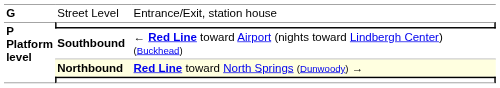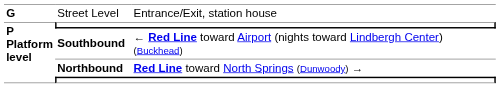 <table table border=0 cellspacing=0 cellpadding=3>
 <tr>
 <td style="border-top:solid 1px gray;" width=50 valign=top><strong>G</strong></td>
 <td style="border-top:solid 1px gray;" width=100 valign=top>Street Level</td>
 <td style="border-top:solid 1px gray;" width=500 valign=top>Entrance/Exit, station house</td>
 </tr>
 <tr>
 <td style="border-top:solid 1px gray;border-bottom:solid 1px gray;" width=50 rowspan=4 valign=top><strong>P<br>Platform level</strong></td>
 <td style="border-top:solid 1px gray;border-right:solid 2px black;border-left:solid 2px black;border-bottom:solid 2px black;text-align:center;" colspan=2></td>
 </tr>
 <tr>
 <td style="border-bottom:solid 1px gray;"><strong>Southbound</strong></td>
 <td style="border-bottom:solid 1px gray;">← <a href='#'><span><strong>Red Line</strong></span></a> toward <a href='#'>Airport</a> (nights toward <a href='#'>Lindbergh Center</a>) <small>(<a href='#'>Buckhead</a>)</small></td>
 </tr>
 <tr>
-<td style="background: lightyellow;"><strong>Northbound</strong></td>
-<td style="background: lightyellow;"> <a href='#'><span><strong>Red Line</strong></span></a> toward <a href='#'>North Springs</a> <small>(<a href='#'>Dunwoody</a>)</small> →</td>
+<td><strong>Northbound</strong></td>
+<td> <a href='#'><span><strong>Red Line</strong></span></a> toward <a href='#'>North Springs</a> <small>(<a href='#'>Dunwoody</a>)</small> →</td>
 </tr>
 <tr>
 <td style="border-bottom:solid 1px gray;border-right:solid 2px black;border-left:solid 2px black;border-top:solid 2px black;text-align:center;" colspan=2></td>
 </tr>
 </table>
